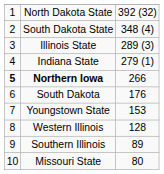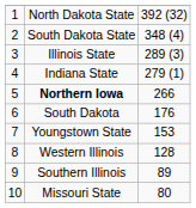 <table class="wikitable">
 <tr align="center">
 </tr>
 <tr align="center">
 <td>1</td>
 <td>North Dakota State</td>
 <td>392 (32)</td>
 </tr>
 <tr align="center">
 <td>2</td>
 <td>South Dakota State</td>
 <td>348 (4)</td>
 </tr>
 <tr align="center">
 <td>3</td>
 <td>Illinois State</td>
 <td>289 (3)</td>
 </tr>
 <tr align="center">
 <td>4</td>
 <td>Indiana State</td>
 <td>279 (1)</td>
 </tr>
 <tr align="center">
-<td><strong>5</strong></td>
+<td>5</td>
 <td><strong>Northern Iowa</strong></td>
 <td>266</td>
 </tr>
 <tr align="center">
 <td>6</td>
 <td>South Dakota</td>
 <td>176</td>
 </tr>
 <tr align="center">
 <td>7</td>
 <td>Youngstown State</td>
 <td>153</td>
 </tr>
 <tr align="center">
 <td>8</td>
 <td>Western Illinois</td>
 <td>128</td>
 </tr>
 <tr align="center">
 <td>9</td>
 <td>Southern Illinois</td>
 <td>89</td>
 </tr>
 <tr align="center">
 <td>10</td>
 <td>Missouri State</td>
 <td>80</td>
 </tr>
 </table>
